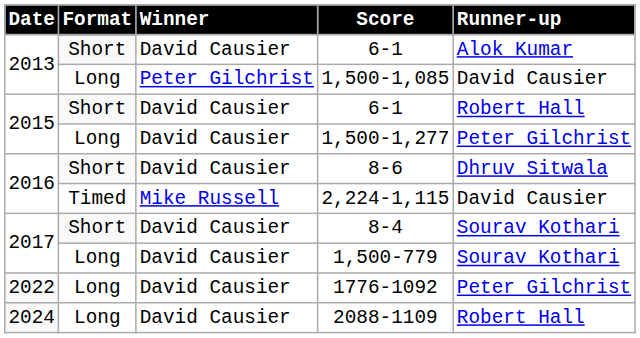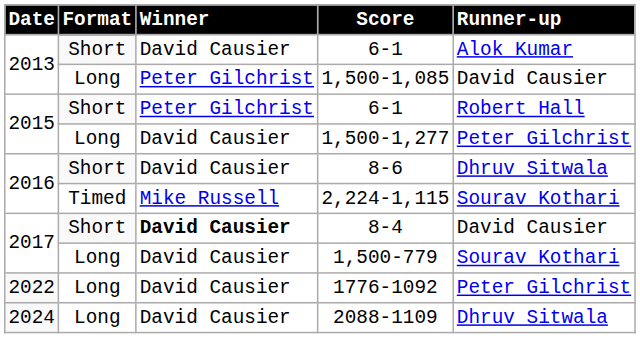 <table border="2" cellpadding="2" cellspacing="0" style="margin: 0; background: #f9f9f9; border: 1px #aaa solid; border-collapse: collapse; font-size: 100%; text-align:left">
 <tr>
 <th bgcolor="000000" style="color:white;">Date</th>
 <th bgcolor="000000" style="color:white;">Format</th>
 <th bgcolor="000000" style="color:white;">Winner</th>
 <th bgcolor="000000" style="color:white; text-align:center;">Score</th>
 <th bgcolor="000000" style="color:white; ">Runner-up</th>
 </tr>
 <tr>
 <td bgcolor="FFFFFF" style="text-align:center" rowspan="2">2013</td>
 <td style="text-align:center">Short</td>
 <td bgcolor="FFFFFF"> David Causier</td>
 <td bgcolor="FFFFFF" style="text-align:center">6-1</td>
 <td bgcolor="FFFFFF"> <a href='#'>Alok Kumar</a></td>
 </tr>
 <tr>
 <td bgcolor="FFFFFF" style="text-align:center">Long</td>
 <td bgcolor="FFFFFF"> <a href='#'>Peter Gilchrist</a></td>
 <td bgcolor="FFFFFF" style="text-align:center">1,500-1,085</td>
 <td bgcolor="FFFFFF"> David Causier</td>
 </tr>
 <tr>
 <td bgcolor="FFFFFF" style="text-align:center" rowspan="2">2015</td>
 <td style="text-align:center">Short</td>
-<td bgcolor="FFFFFF"> David Causier</td>
+<td bgcolor="FFFFFF"> <a href='#'>Peter Gilchrist</a></td>
 <td bgcolor="FFFFFF" style="text-align:center">6-1</td>
 <td bgcolor="FFFFFF"> <a href='#'>Robert Hall</a></td>
 </tr>
 <tr>
 <td bgcolor="FFFFFF" style="text-align:center">Long</td>
 <td bgcolor="FFFFFF"> David Causier</td>
 <td bgcolor="FFFFFF" style="text-align:center">1,500-1,277</td>
 <td bgcolor="FFFFFF"> <a href='#'>Peter Gilchrist</a></td>
 </tr>
 <tr>
 <td bgcolor="FFFFFF" style="text-align:center" rowspan="2">2016</td>
 <td style="text-align:center">Short</td>
 <td bgcolor="FFFFFF"> David Causier</td>
 <td bgcolor="FFFFFF" style="text-align:center">8-6</td>
 <td bgcolor="FFFFFF"> <a href='#'>Dhruv Sitwala</a></td>
 </tr>
 <tr>
 <td bgcolor="FFFFFF" style="text-align:center">Timed</td>
 <td bgcolor="FFFFFF"> <a href='#'>Mike Russell</a></td>
 <td bgcolor="FFFFFF" style="text-align:center">2,224-1,115</td>
-<td bgcolor="FFFFFF"> David Causier</td>
+<td bgcolor="FFFFFF"> <a href='#'>Sourav Kothari</a></td>
 </tr>
 <tr>
 <td bgcolor="FFFFFF" style="text-align:center" rowspan="2">2017</td>
 <td style="text-align:center">Short</td>
+<td bgcolor="FFFFFF"><strong> David Causier</strong></td>
+<td bgcolor="FFFFFF" style="text-align:center">8-4</td>
 <td bgcolor="FFFFFF"> David Causier</td>
-<td bgcolor="FFFFFF" style="text-align:center">8-4</td>
-<td bgcolor="FFFFFF"> <a href='#'>Sourav Kothari</a></td>
 </tr>
 <tr>
 <td bgcolor="FFFFFF" style="text-align:center">Long</td>
 <td bgcolor="FFFFFF"> David Causier</td>
 <td bgcolor="FFFFFF" style="text-align:center">1,500-779</td>
 <td bgcolor="FFFFFF"> <a href='#'>Sourav Kothari</a></td>
 </tr>
 <tr>
 <td>2022</td>
 <td bgcolor="FFFFFF" style="text-align:center">Long</td>
 <td bgcolor="FFFFFF"> David Causier</td>
 <td bgcolor="FFFFFF" style="text-align:center">1776-1092</td>
 <td bgcolor="FFFFFF"> <a href='#'>Peter Gilchrist</a></td>
 </tr>
 <tr>
 <td>2024</td>
 <td bgcolor="FFFFFF" style="text-align:center">Long</td>
 <td bgcolor="FFFFFF"> David Causier</td>
 <td bgcolor="FFFFFF" style="text-align:center">2088-1109</td>
-<td bgcolor="FFFFFF"> <a href='#'>Robert Hall</a></td>
+<td bgcolor="FFFFFF"> <a href='#'>Dhruv Sitwala</a></td>
 </tr>
 </table>
